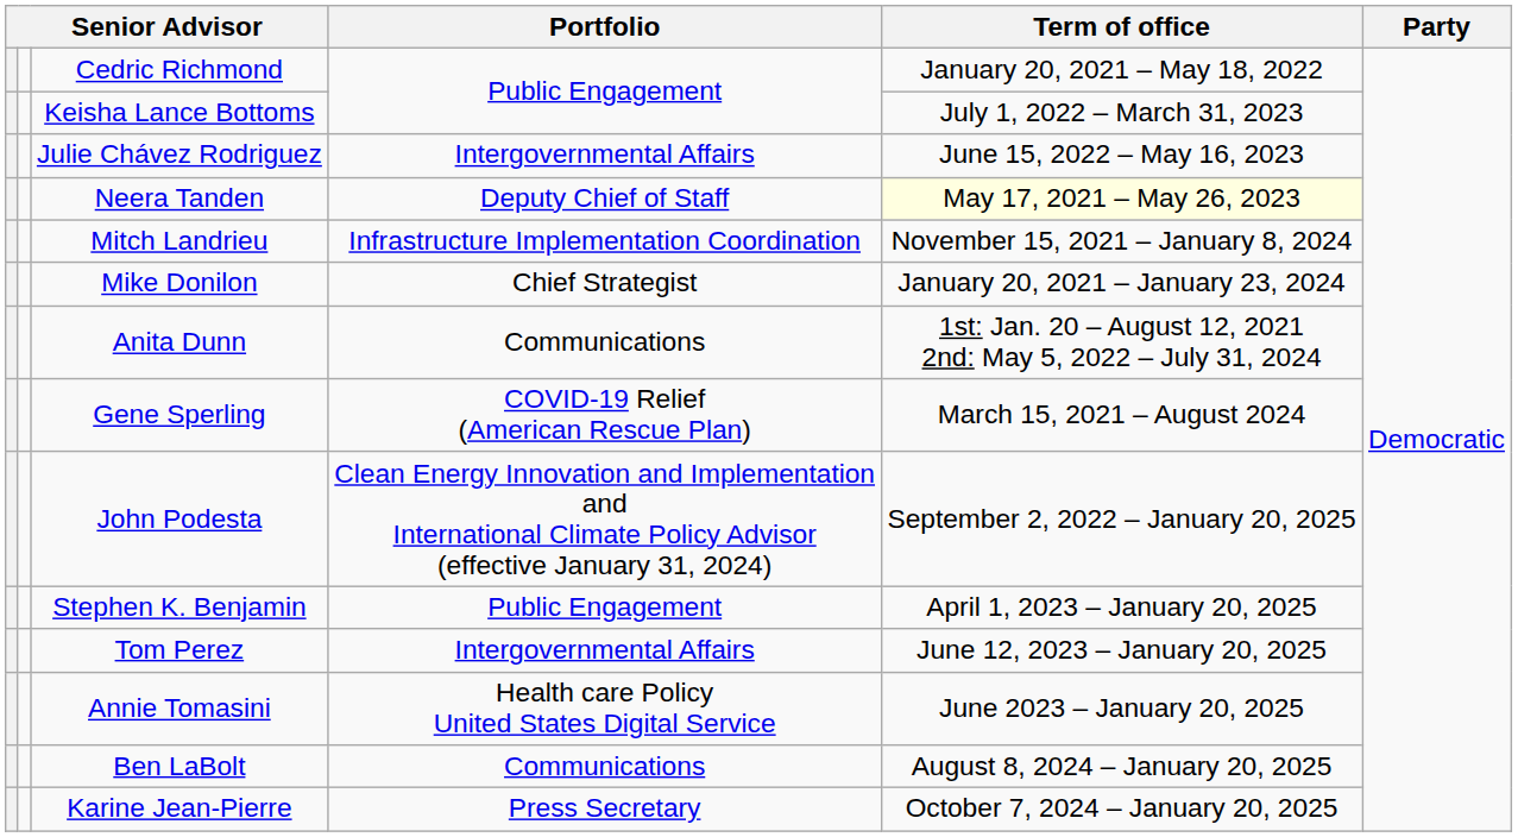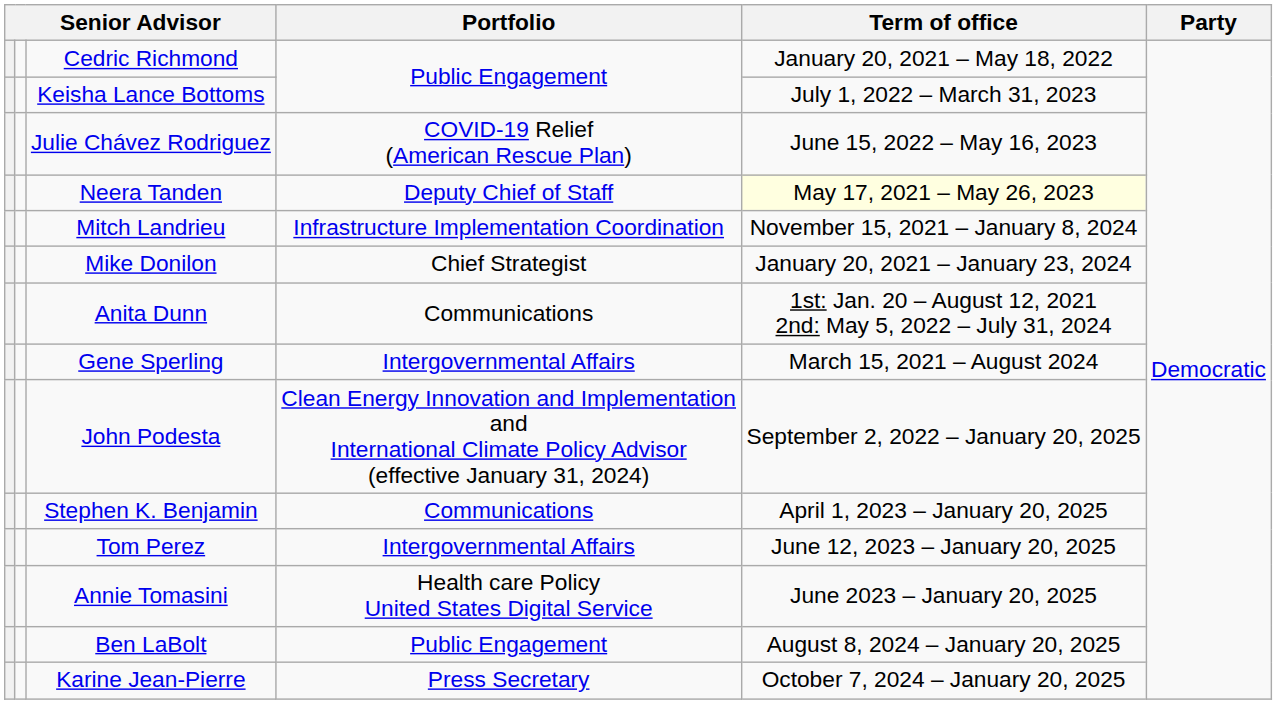 <table class="wikitable" style="text-align:center">
 <tr>
 <th colspan="3">Senior Advisor</th>
 <th>Portfolio</th>
 <th>Term of office</th>
 <th>Party</th>
 </tr>
 <tr>
 <th style="background:"></th>
 <td></td>
 <td><a href='#'>Cedric Richmond</a><br></td>
 <td rowspan="2"><a href='#'>Public Engagement</a></td>
 <td>January 20, 2021 – May 18, 2022</td>
 <td rowspan="14"><a href='#'>Democratic</a></td>
 </tr>
 <tr>
 <th style="background:"></th>
 <td></td>
 <td><a href='#'>Keisha Lance Bottoms</a><br></td>
 <td>July 1, 2022 – March 31, 2023<br></td>
 </tr>
 <tr>
 <th style="background:"></th>
 <td></td>
 <td><a href='#'>Julie Chávez Rodriguez</a><br></td>
-<td><a href='#'>Intergovernmental Affairs</a></td>
+<td><a href='#'>COVID-19</a> Relief<br>(<a href='#'>American Rescue Plan</a>)</td>
 <td>June 15, 2022 – May 16, 2023</td>
 </tr>
 <tr>
 <th style="background:"></th>
 <td></td>
 <td><a href='#'>Neera Tanden</a><br></td>
 <td><a href='#'>Deputy Chief of Staff</a></td>
 <td style="background: lightyellow;">May 17, 2021 – May 26, 2023</td>
 </tr>
 <tr>
 <th style="background:"></th>
 <td></td>
 <td><a href='#'>Mitch Landrieu</a><br></td>
 <td><a href='#'>Infrastructure Implementation Coordination</a></td>
 <td>November 15, 2021 – January 8, 2024</td>
 </tr>
 <tr>
 <th style="background:"></th>
 <td></td>
 <td><a href='#'>Mike Donilon</a><br></td>
 <td>Chief Strategist</td>
 <td>January 20, 2021 – January 23, 2024</td>
 </tr>
 <tr>
 <th style="background:"></th>
 <td></td>
 <td><a href='#'>Anita Dunn</a><br></td>
 <td>Communications</td>
 <td><u>1st:</u> Jan. 20 – August 12, 2021<br> <u>2nd:</u> May 5, 2022 – July 31, 2024</td>
 </tr>
 <tr>
 <th style="background:"></th>
 <td></td>
 <td><a href='#'>Gene Sperling</a><br></td>
-<td><a href='#'>COVID-19</a> Relief<br>(<a href='#'>American Rescue Plan</a>)</td>
+<td><a href='#'>Intergovernmental Affairs</a></td>
 <td>March 15, 2021 – August 2024</td>
 </tr>
 <tr>
 <th style="background:"></th>
 <td></td>
 <td><a href='#'>John Podesta</a> <br></td>
 <td><a href='#'>Clean Energy Innovation and Implementation</a><br>and<br><a href='#'>International Climate Policy Advisor</a><br>(effective January 31, 2024)</td>
 <td>September 2, 2022 – January 20, 2025</td>
 </tr>
 <tr>
 <th style="background:"></th>
 <td></td>
 <td><a href='#'>Stephen K. Benjamin</a><br></td>
-<td><a href='#'>Public Engagement</a></td>
+<td><a href='#'>Communications</a></td>
 <td>April 1, 2023 – January 20, 2025<br></td>
 </tr>
 <tr>
 <th style="background:"></th>
 <td></td>
 <td><a href='#'>Tom Perez</a><br></td>
 <td><a href='#'>Intergovernmental Affairs</a></td>
 <td>June 12, 2023 – January 20, 2025</td>
 </tr>
 <tr>
 <th style="background:"></th>
 <td></td>
 <td><a href='#'>Annie Tomasini</a><br></td>
 <td>Health care Policy<br><a href='#'>United States Digital Service</a></td>
 <td>June 2023 – January 20, 2025</td>
 </tr>
 <tr>
 <th style="background:"></th>
 <td></td>
 <td><a href='#'>Ben LaBolt</a><br></td>
-<td><a href='#'>Communications</a></td>
+<td><a href='#'>Public Engagement</a></td>
 <td>August 8, 2024 – January 20, 2025</td>
 </tr>
 <tr>
 <th style="background:"></th>
 <td></td>
 <td><a href='#'>Karine Jean-Pierre</a><br></td>
 <td><a href='#'>Press Secretary</a></td>
 <td>October 7, 2024 – January 20, 2025</td>
 </tr>
 </table>
